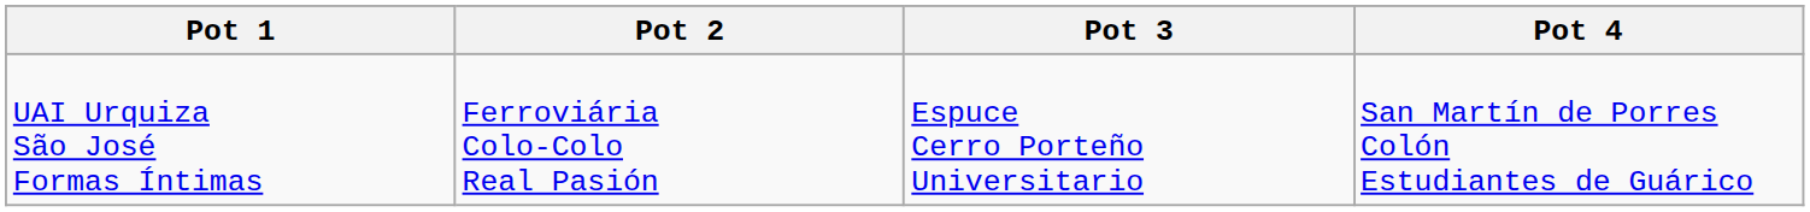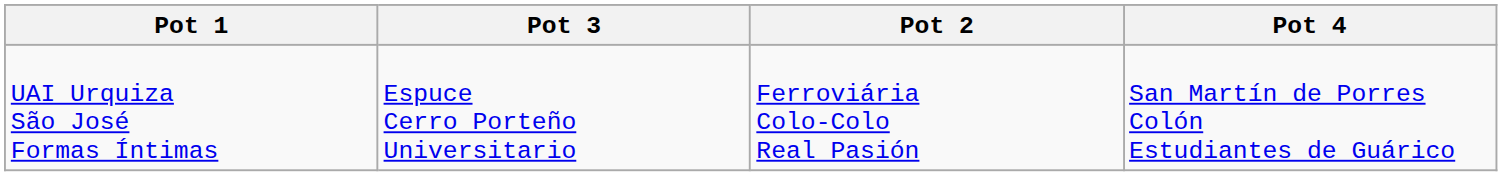 <table class="wikitable">
 <tr>
 <th width=190>Pot 1</th>
+<th width=190>Pot 3</th>
 <th width=190>Pot 2</th>
-<th width=190>Pot 3</th>
 <th width=190>Pot 4</th>
 </tr>
 <tr valign=top>
 <td><br> <a href='#'>UAI Urquiza</a><br>  <a href='#'>São José</a><br>  <a href='#'>Formas Íntimas</a></td>
+<td><br> <a href='#'>Espuce</a><br>  <a href='#'>Cerro Porteño</a><br>  <a href='#'>Universitario</a></td>
 <td><br> <a href='#'>Ferroviária</a><br>  <a href='#'>Colo-Colo</a><br>  <a href='#'>Real Pasión</a></td>
-<td><br> <a href='#'>Espuce</a><br>  <a href='#'>Cerro Porteño</a><br>  <a href='#'>Universitario</a></td>
 <td><br> <a href='#'>San Martín de Porres</a><br>  <a href='#'>Colón</a><br>  <a href='#'>Estudiantes de Guárico</a></td>
 </tr>
 </table>
